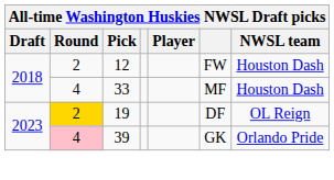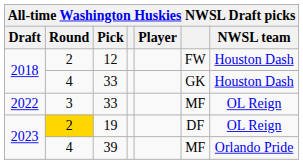 <table class="wikitable sortable" style="text-align: center;">
 <tr>
 <th colspan="7" style="background:#">All-time <a href='#'><span>Washington Huskies</span></a> NWSL Draft picks</th>
 </tr>
 <tr>
 <th scope="col">Draft</th>
 <th scope="col">Round</th>
 <th scope="col">Pick</th>
 <th scope="col"></th>
 <th scope="col">Player</th>
 <th scope="col"></th>
 <th scope="col">NWSL team</th>
 </tr>
 <tr>
 <td rowspan="2"><a href='#'>2018</a></td>
 <td>2</td>
 <td>12</td>
 <td></td>
 <td></td>
 <td>FW</td>
 <td><a href='#'>Houston Dash</a></td>
 </tr>
 <tr>
 <td>4</td>
 <td>33</td>
 <td></td>
 <td></td>
+<td>GK</td>
+<td><a href='#'>Houston Dash</a></td>
+</tr>
+<tr>
+<td><a href='#'>2022</a></td>
+<td>3</td>
+<td>33</td>
+<td></td>
+<td></td>
 <td>MF</td>
-<td><a href='#'>Houston Dash</a></td>
+<td><a href='#'>OL Reign</a></td>
 </tr>
 <tr>
 <td rowspan="2"><a href='#'>2023</a></td>
 <td style="background: gold;">2</td>
 <td>19</td>
 <td></td>
 <td></td>
 <td>DF</td>
 <td><a href='#'>OL Reign</a></td>
 </tr>
 <tr>
-<td style="background: pink;">4</td>
+<td>4</td>
 <td>39</td>
 <td></td>
 <td></td>
-<td>GK</td>
+<td>MF</td>
 <td><a href='#'>Orlando Pride</a></td>
 </tr>
 </table>
